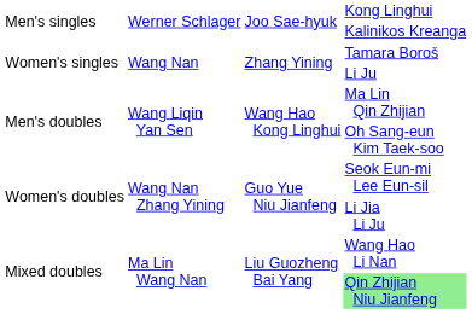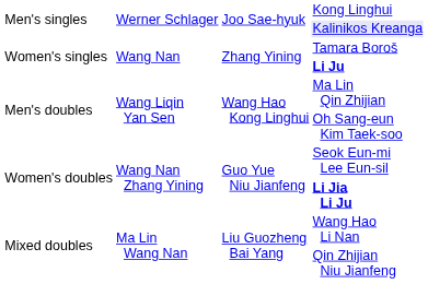 <table>
 <tr>
 <td rowspan=2>Men's singles<br></td>
 <td rowspan=2> <a href='#'>Werner Schlager</a></td>
 <td rowspan=2> <a href='#'>Joo Sae-hyuk</a></td>
 <td> <a href='#'>Kong Linghui</a></td>
 </tr>
 <tr>
-<td> <a href='#'>Kalinikos Kreanga</a></td>
+<td style="background: lavender;"> <a href='#'>Kalinikos Kreanga</a></td>
 </tr>
 <tr>
 <td rowspan=2>Women's singles<br></td>
 <td rowspan=2> <a href='#'>Wang Nan</a></td>
 <td rowspan=2> <a href='#'>Zhang Yining</a></td>
 <td> <a href='#'>Tamara Boroš</a></td>
 </tr>
 <tr>
-<td> <a href='#'>Li Ju</a></td>
+<td><strong> <a href='#'>Li Ju</a></strong></td>
 </tr>
 <tr>
 <td rowspan=2>Men's doubles<br></td>
 <td rowspan=2> <a href='#'>Wang Liqin</a><br>  <a href='#'>Yan Sen</a></td>
 <td rowspan=2> <a href='#'>Wang Hao</a><br>  <a href='#'>Kong Linghui</a></td>
 <td> <a href='#'>Ma Lin</a><br>  <a href='#'>Qin Zhijian</a></td>
 </tr>
 <tr>
 <td> <a href='#'>Oh Sang-eun</a><br>  <a href='#'>Kim Taek-soo</a></td>
 </tr>
 <tr>
 <td rowspan=2>Women's doubles<br></td>
 <td rowspan=2> <a href='#'>Wang Nan</a><br>  <a href='#'>Zhang Yining</a></td>
 <td rowspan=2> <a href='#'>Guo Yue</a><br>  <a href='#'>Niu Jianfeng</a></td>
 <td> <a href='#'>Seok Eun-mi</a><br>  <a href='#'>Lee Eun-sil</a></td>
 </tr>
 <tr>
-<td> <a href='#'>Li Jia</a><br>  <a href='#'>Li Ju</a></td>
+<td><strong> <a href='#'>Li Jia</a><br>  <a href='#'>Li Ju</a></strong></td>
 </tr>
 <tr>
 <td rowspan=2>Mixed doubles<br></td>
 <td rowspan=2> <a href='#'>Ma Lin</a><br>  <a href='#'>Wang Nan</a></td>
 <td rowspan=2> <a href='#'>Liu Guozheng</a><br>  <a href='#'>Bai Yang</a></td>
 <td> <a href='#'>Wang Hao</a><br>  <a href='#'>Li Nan</a></td>
 </tr>
 <tr>
-<td style="background: lightgreen;"> <a href='#'>Qin Zhijian</a><br>  <a href='#'>Niu Jianfeng</a></td>
+<td> <a href='#'>Qin Zhijian</a><br>  <a href='#'>Niu Jianfeng</a></td>
 </tr>
 </table>
